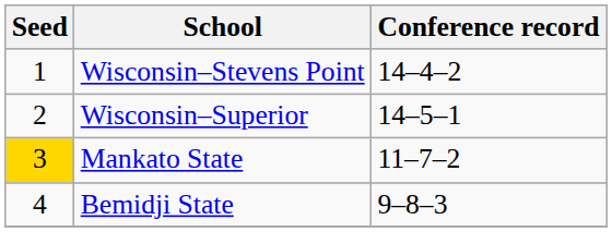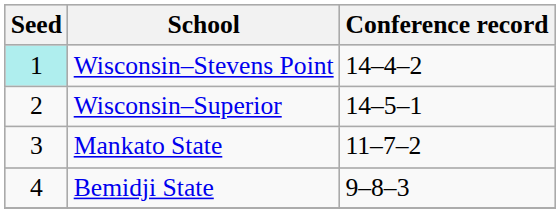 <table class="wikitable">
 <tr>
 <th>Seed</th>
 <th>School</th>
 <th>Conference record</th>
 </tr>
 <tr>
-<td align=center>1</td>
+<td align=center style="background: paleturquoise;">1</td>
 <td><a href='#'>Wisconsin–Stevens Point</a></td>
 <td>14–4–2</td>
 </tr>
 <tr>
 <td align=center>2</td>
 <td><a href='#'>Wisconsin–Superior</a></td>
 <td>14–5–1</td>
 </tr>
 <tr>
-<td align=center style="background: gold;">3</td>
+<td align=center>3</td>
 <td><a href='#'>Mankato State</a></td>
 <td>11–7–2</td>
 </tr>
 <tr>
 <td align=center>4</td>
 <td><a href='#'>Bemidji State</a></td>
 <td>9–8–3</td>
 </tr>
 <tr>
 </tr>
 </table>
